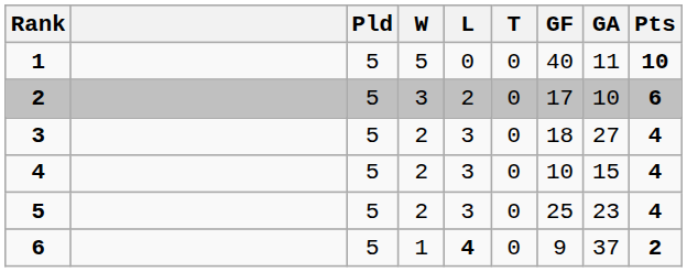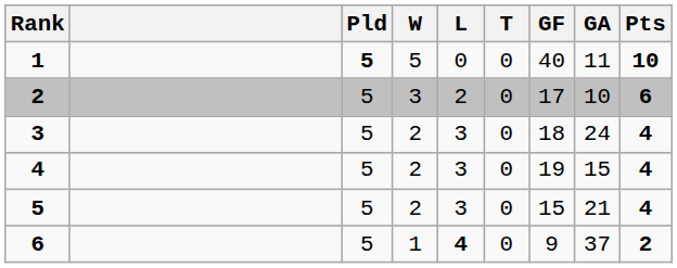 <table class="wikitable">
 <tr>
 <th bgcolor="#efefef" width="20">Rank</th>
 <th bgcolor="#efefef" width="150"></th>
 <th bgcolor="#efefef" width="20">Pld</th>
 <th bgcolor="#efefef" width="20">W</th>
 <th bgcolor="#efefef" width="20">L</th>
 <th bgcolor="#efefef" width="20">T</th>
 <th bgcolor="#efefef" width="20">GF</th>
 <th bgcolor="#efefef" width="20">GA</th>
 <th bgcolor="#efefef" width="20">Pts</th>
 </tr>
 <tr align=center>
 <td><strong>1</strong></td>
 <td align=left></td>
-<td>5</td>
+<td><strong>5</strong></td>
 <td>5</td>
 <td>0</td>
 <td>0</td>
 <td>40</td>
 <td>11</td>
 <td><strong>10</strong></td>
 </tr>
 <tr align=center bgcolor="silver">
 <td><strong>2</strong></td>
 <td align=left> </td>
 <td>5</td>
 <td>3</td>
 <td>2</td>
 <td>0</td>
 <td>17</td>
 <td>10</td>
 <td><strong>6</strong></td>
 </tr>
 <tr align=center>
 <td><strong>3</strong></td>
 <td align=left></td>
 <td>5</td>
 <td>2</td>
 <td>3</td>
 <td>0</td>
 <td>18</td>
-<td>27</td>
+<td>24</td>
 <td><strong>4</strong></td>
 </tr>
 <tr align=center>
 <td><strong>4</strong></td>
 <td align=left></td>
 <td>5</td>
 <td>2</td>
 <td>3</td>
 <td>0</td>
-<td>10</td>
+<td>19</td>
 <td>15</td>
 <td><strong>4</strong></td>
 </tr>
 <tr align=center>
 <td><strong>5</strong></td>
 <td align=left></td>
 <td>5</td>
 <td>2</td>
 <td>3</td>
 <td>0</td>
-<td>25</td>
-<td>23</td>
+<td>15</td>
+<td>21</td>
 <td><strong>4</strong></td>
 </tr>
 <tr align=center>
 <td><strong>6</strong></td>
 <td align=left></td>
 <td>5</td>
 <td>1</td>
 <td><strong>4</strong></td>
 <td>0</td>
 <td>9</td>
 <td>37</td>
 <td><strong>2</strong></td>
 </tr>
 </table>
